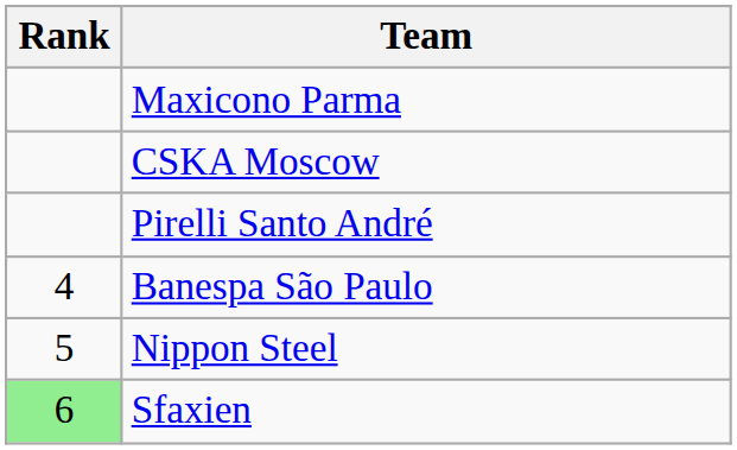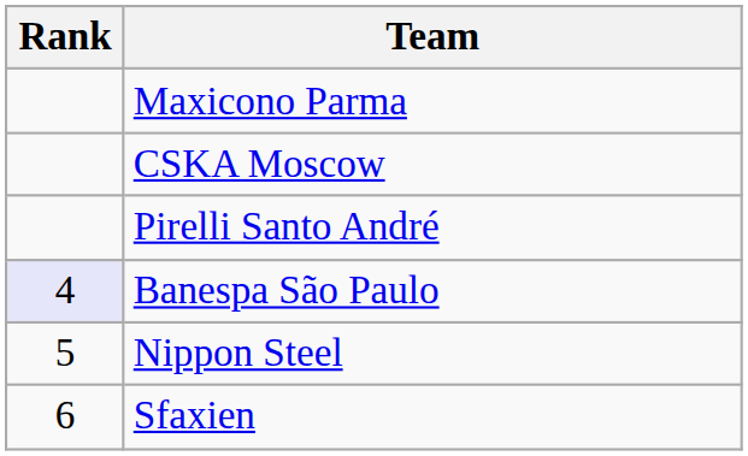 <table class="wikitable" style="text-align:center;">
 <tr>
 <th width=40>Rank</th>
 <th width=240>Team</th>
 </tr>
 <tr>
 <td></td>
 <td style="text-align:left;"> <a href='#'>Maxicono Parma</a></td>
 </tr>
 <tr>
 <td></td>
 <td style="text-align:left;"> <a href='#'>CSKA Moscow</a></td>
 </tr>
 <tr>
 <td></td>
 <td style="text-align:left;"> <a href='#'>Pirelli Santo André</a></td>
 </tr>
 <tr>
-<td>4</td>
+<td style="background: lavender;">4</td>
 <td style="text-align:left;"> <a href='#'>Banespa São Paulo</a></td>
 </tr>
 <tr>
 <td>5</td>
 <td style="text-align:left;"> <a href='#'>Nippon Steel</a></td>
 </tr>
 <tr>
-<td style="background: lightgreen;">6</td>
+<td>6</td>
 <td style="text-align:left;"> <a href='#'>Sfaxien</a></td>
 </tr>
 </table>
